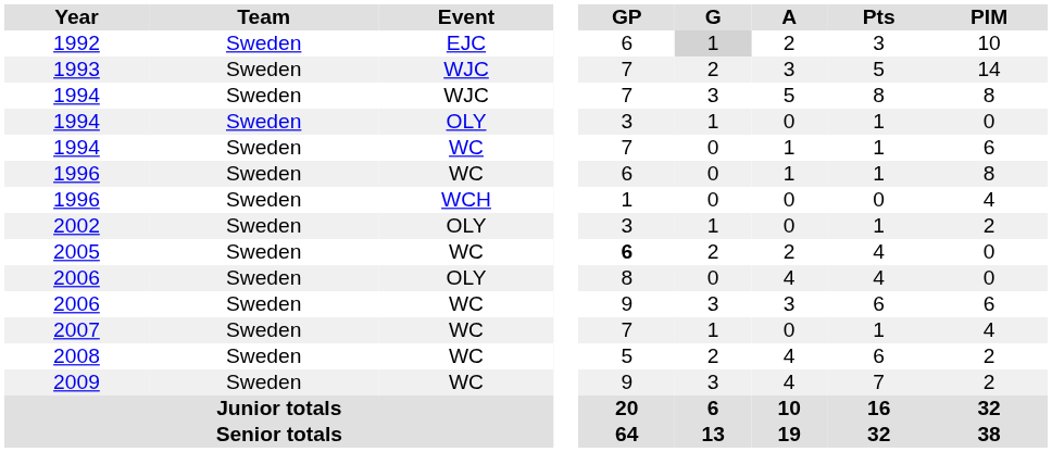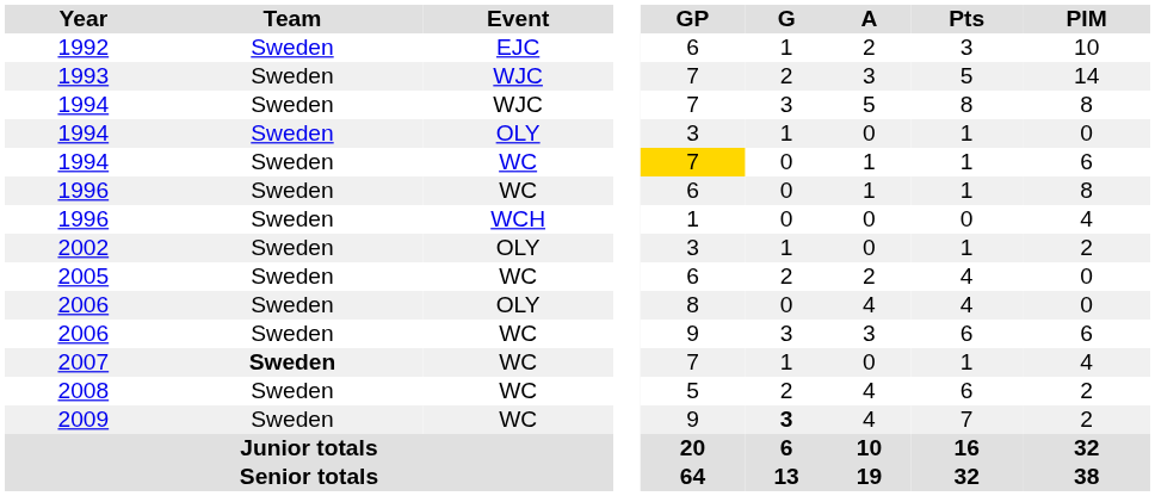 <table border="0" cellpadding="1" cellspacing="0" style="text-align:center; width:50em">
 <tr ALIGN="center" bgcolor="#e0e0e0">
 <th>Year</th>
 <th>Team</th>
 <th>Event</th>
 <th rowspan="99" bgcolor="#ffffff"> </th>
 <th>GP</th>
 <th>G</th>
 <th>A</th>
 <th>Pts</th>
 <th>PIM</th>
 </tr>
 <tr>
 <td><a href='#'>1992</a></td>
 <td><a href='#'>Sweden</a></td>
 <td><a href='#'>EJC</a></td>
 <td>6</td>
-<td style="background: lightgrey;">1</td>
+<td>1</td>
 <td>2</td>
 <td>3</td>
 <td>10</td>
 </tr>
 <tr bgcolor="#f0f0f0">
 <td><a href='#'>1993</a></td>
 <td>Sweden</td>
 <td><a href='#'>WJC</a></td>
 <td>7</td>
 <td>2</td>
 <td>3</td>
 <td>5</td>
 <td>14</td>
 </tr>
 <tr>
 <td><a href='#'>1994</a></td>
 <td>Sweden</td>
 <td>WJC</td>
 <td>7</td>
 <td>3</td>
 <td>5</td>
 <td>8</td>
 <td>8</td>
 </tr>
 <tr bgcolor="#f0f0f0">
 <td><a href='#'>1994</a></td>
 <td><a href='#'>Sweden</a></td>
 <td><a href='#'>OLY</a></td>
 <td>3</td>
 <td>1</td>
 <td>0</td>
 <td>1</td>
 <td>0</td>
 </tr>
 <tr>
 <td><a href='#'>1994</a></td>
 <td>Sweden</td>
 <td><a href='#'>WC</a></td>
-<td>7</td>
+<td style="background: gold;">7</td>
 <td>0</td>
 <td>1</td>
 <td>1</td>
 <td>6</td>
 </tr>
 <tr bgcolor="#f0f0f0">
 <td><a href='#'>1996</a></td>
 <td>Sweden</td>
 <td>WC</td>
 <td>6</td>
 <td>0</td>
 <td>1</td>
 <td>1</td>
 <td>8</td>
 </tr>
 <tr>
 <td><a href='#'>1996</a></td>
 <td>Sweden</td>
 <td><a href='#'>WCH</a></td>
 <td>1</td>
 <td>0</td>
 <td>0</td>
 <td>0</td>
 <td>4</td>
 </tr>
 <tr bgcolor="#f0f0f0">
 <td><a href='#'>2002</a></td>
 <td>Sweden</td>
 <td>OLY</td>
 <td>3</td>
 <td>1</td>
 <td>0</td>
 <td>1</td>
 <td>2</td>
 </tr>
 <tr>
 <td><a href='#'>2005</a></td>
 <td>Sweden</td>
 <td>WC</td>
-<td><strong>6</strong></td>
+<td>6</td>
 <td>2</td>
 <td>2</td>
 <td>4</td>
 <td>0</td>
 </tr>
 <tr bgcolor="#f0f0f0">
 <td><a href='#'>2006</a></td>
 <td>Sweden</td>
 <td>OLY</td>
 <td>8</td>
 <td>0</td>
 <td>4</td>
 <td>4</td>
 <td>0</td>
 </tr>
 <tr>
 <td><a href='#'>2006</a></td>
 <td>Sweden</td>
 <td>WC</td>
 <td>9</td>
 <td>3</td>
 <td>3</td>
 <td>6</td>
 <td>6</td>
 </tr>
 <tr bgcolor="#f0f0f0">
 <td><a href='#'>2007</a></td>
-<td>Sweden</td>
+<td><strong>Sweden</strong></td>
 <td>WC</td>
 <td>7</td>
 <td>1</td>
 <td>0</td>
 <td>1</td>
 <td>4</td>
 </tr>
 <tr>
 <td><a href='#'>2008</a></td>
 <td>Sweden</td>
 <td>WC</td>
 <td>5</td>
 <td>2</td>
 <td>4</td>
 <td>6</td>
 <td>2</td>
 </tr>
 <tr bgcolor="#f0f0f0">
 <td><a href='#'>2009</a></td>
 <td>Sweden</td>
 <td>WC</td>
 <td>9</td>
-<td>3</td>
+<td><strong>3</strong></td>
 <td>4</td>
 <td>7</td>
 <td>2</td>
 </tr>
 <tr bgcolor="#e0e0e0">
 <th colspan=3>Junior totals</th>
 <th>20</th>
 <th>6</th>
 <th>10</th>
 <th>16</th>
 <th>32</th>
 </tr>
 <tr bgcolor="#e0e0e0">
 <th colspan=3>Senior totals</th>
 <th>64</th>
 <th>13</th>
 <th>19</th>
 <th>32</th>
 <th>38</th>
 </tr>
 </table>
